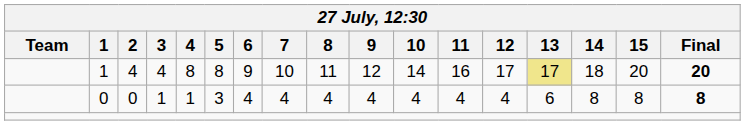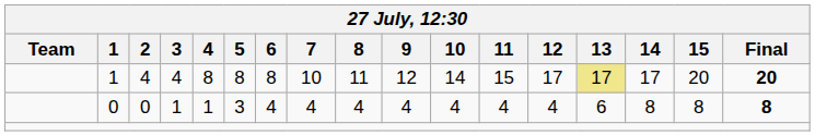 <table class=wikitable style="text-align:center; width: 55%">
 <tr>
 <th colspan=17><em>27 July, 12:30</em></th>
 </tr>
 <tr>
 <th>Team</th>
 <th>1</th>
 <th>2</th>
 <th>3</th>
 <th>4</th>
 <th>5</th>
 <th>6</th>
 <th>7</th>
 <th>8</th>
 <th>9</th>
 <th>10</th>
 <th>11</th>
 <th>12</th>
 <th>13</th>
 <th>14</th>
 <th>15</th>
 <th>Final</th>
 </tr>
 <tr>
 <td align=left><strong></strong></td>
 <td>1</td>
 <td>4</td>
 <td>4</td>
 <td>8</td>
 <td>8</td>
-<td>9</td>
+<td>8</td>
 <td>10</td>
 <td>11</td>
 <td>12</td>
 <td>14</td>
-<td>16</td>
+<td>15</td>
 <td>17</td>
 <td style="background: khaki;">17</td>
-<td>18</td>
+<td>17</td>
 <td>20</td>
 <td><strong>20</strong></td>
 </tr>
 <tr>
 <td align=left></td>
 <td>0</td>
 <td>0</td>
 <td>1</td>
 <td>1</td>
 <td>3</td>
 <td>4</td>
 <td>4</td>
 <td>4</td>
 <td>4</td>
 <td>4</td>
 <td>4</td>
 <td>4</td>
 <td>6</td>
 <td>8</td>
 <td>8</td>
 <td><strong>8</strong></td>
 </tr>
 <tr>
 <td colspan=17></td>
 </tr>
 </table>
